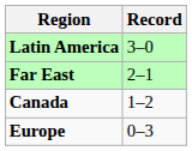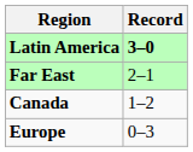 <table class="wikitable">
 <tr>
 <th>Region</th>
 <th>Record</th>
 </tr>
 <tr bgcolor=#bbffbb>
 <td><strong>Latin America</strong></td>
-<td>3–0</td>
+<td><strong>3–0</strong></td>
 </tr>
 <tr bgcolor=#bbffbb>
 <td><strong>Far East</strong></td>
 <td>2–1</td>
 </tr>
 <tr>
 <td><strong>Canada</strong></td>
 <td>1–2</td>
 </tr>
 <tr>
 <td><strong>Europe</strong></td>
 <td>0–3</td>
 </tr>
 </table>
